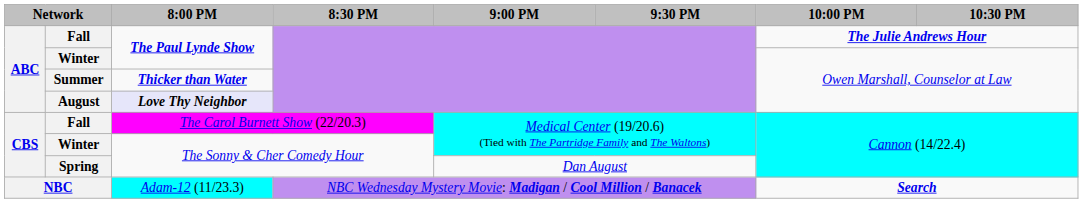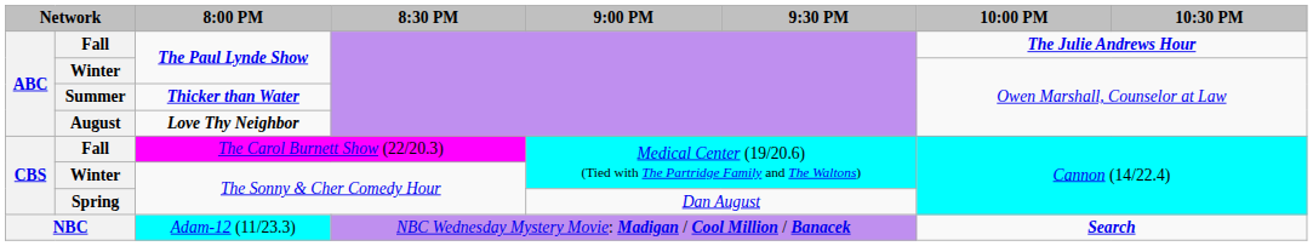 <table class="wikitable plainrowheaders" style="width:100%; margin:auto; text-align:center;">
 <tr>
 <th colspan="2" style="background-color:#C0C0C0;width:10%;">Network</th>
 <th style="background-color:#C0C0C0;width:15%;">8:00 PM</th>
 <th style="background-color:#C0C0C0;width:15%;">8:30 PM</th>
 <th style="background-color:#C0C0C0;width:15%;">9:00 PM</th>
 <th style="background-color:#C0C0C0;width:15%;">9:30 PM</th>
 <th style="background-color:#C0C0C0;width:15%;">10:00 PM</th>
 <th style="background-color:#C0C0C0;width:15%;">10:30 PM</th>
 </tr>
 <tr>
 <th rowspan="4"><a href='#'>ABC</a></th>
 <th>Fall</th>
 <td rowspan="2"><strong><em><a href='#'>The Paul Lynde Show</a></em></strong></td>
 <td bgcolor="#bf8fef" colspan="3" rowspan="4"></td>
 <td colspan="2"><strong><em><a href='#'>The Julie Andrews Hour</a></em></strong></td>
 </tr>
 <tr>
 <th>Winter</th>
 <td colspan="2" rowspan="3"><em><a href='#'>Owen Marshall, Counselor at Law</a></em></td>
 </tr>
 <tr>
 <th>Summer</th>
 <td><strong><em><a href='#'>Thicker than Water</a></em></strong></td>
 </tr>
 <tr>
 <th>August</th>
-<td style="background: lavender;"><strong><em>Love Thy Neighbor</em></strong></td>
+<td><strong><em>Love Thy Neighbor</em></strong></td>
 </tr>
 <tr>
 <th rowspan="3"><a href='#'>CBS</a></th>
 <th>Fall</th>
 <td bgcolor="#FF00FF" colspan="2"><em><a href='#'>The Carol Burnett Show</a></em> (22/20.3)</td>
 <td bgcolor="#00FFFF" colspan="2" rowspan="2"><em><a href='#'>Medical Center</a></em> (19/20.6)<br><small>(Tied with <em><a href='#'>The Partridge Family</a></em> and <em><a href='#'>The Waltons</a></em>)</small></td>
 <td bgcolor="#00FFFF" colspan="2" rowspan="3"><em><a href='#'>Cannon</a></em> (14/22.4)</td>
 </tr>
 <tr>
 <th>Winter</th>
 <td colspan="2" rowspan="2"><em><a href='#'>The Sonny & Cher Comedy Hour</a></em></td>
 </tr>
 <tr>
 <th>Spring</th>
 <td colspan="2"><em><a href='#'>Dan August</a></em></td>
 </tr>
 <tr>
 <th colspan="2"><a href='#'>NBC</a></th>
 <td bgcolor="#00FFFF"><em><a href='#'>Adam-12</a></em> (11/23.3)</td>
 <td bgcolor="#bf8fef" colspan="3"><em><a href='#'>NBC Wednesday Mystery Movie</a></em>: <strong><em><a href='#'>Madigan</a></em></strong> / <strong><em><a href='#'>Cool Million</a></em></strong> / <strong><em><a href='#'>Banacek</a></em></strong></td>
 <td colspan="2"><strong><em><a href='#'>Search</a></em></strong></td>
 </tr>
 </table>
